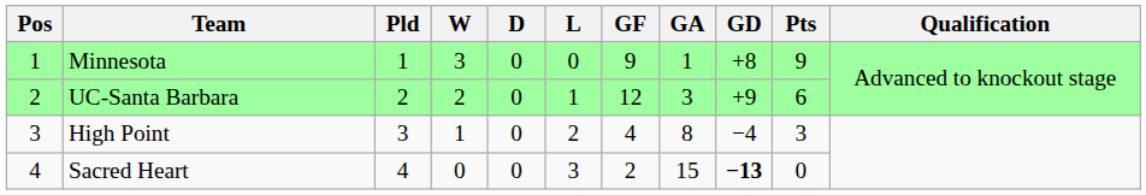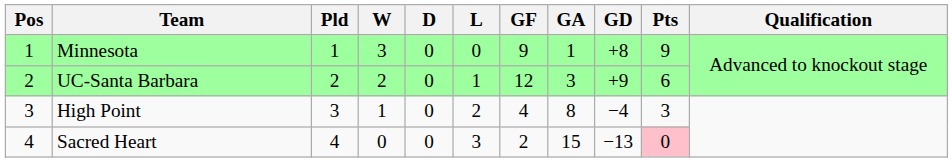 <table class="wikitable" style="text-align:center; margin: 1em auto">
 <tr>
 <th style="width:2em">Pos</th>
 <th style="width:13em">Team</th>
 <th style="width:2em">Pld</th>
 <th style="width:2em">W</th>
 <th style="width:2em">D</th>
 <th style="width:2em">L</th>
 <th style="width:2em">GF</th>
 <th style="width:2em">GA</th>
 <th style="width:2em">GD</th>
 <th style="width:2em">Pts</th>
 <th style="width:13em">Qualification</th>
 </tr>
 <tr bgcolor="#9eff9e">
 <td>1</td>
 <td style="text-align:left">Minnesota</td>
 <td>1</td>
 <td>3</td>
 <td>0</td>
 <td>0</td>
 <td>9</td>
 <td>1</td>
 <td>+8</td>
 <td>9</td>
 <td rowspan="2">Advanced to knockout stage</td>
 </tr>
 <tr bgcolor="#9eff9e">
 <td>2</td>
 <td style="text-align:left">UC-Santa Barbara</td>
 <td>2</td>
 <td>2</td>
 <td>0</td>
 <td>1</td>
 <td>12</td>
 <td>3</td>
 <td>+9</td>
 <td>6</td>
 </tr>
 <tr>
 <td>3</td>
 <td style="text-align:left">High Point</td>
 <td>3</td>
 <td>1</td>
 <td>0</td>
 <td>2</td>
 <td>4</td>
 <td>8</td>
 <td>−4</td>
 <td>3</td>
 <td rowspan="2"></td>
 </tr>
 <tr>
 <td>4</td>
 <td style="text-align:left">Sacred Heart</td>
 <td>4</td>
 <td>0</td>
 <td>0</td>
 <td>3</td>
 <td>2</td>
 <td>15</td>
-<td><strong>−13</strong></td>
-<td>0</td>
+<td>−13</td>
+<td style="background: pink;">0</td>
 </tr>
 </table>
